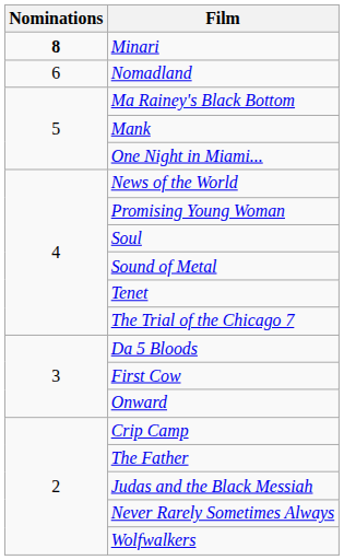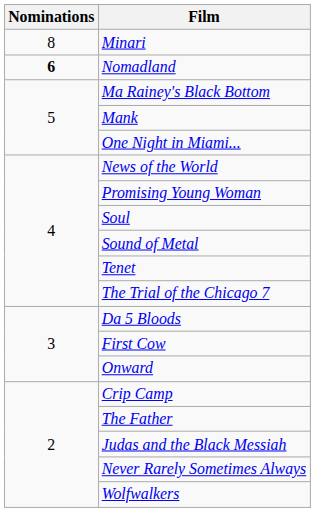 <table class="wikitable">
 <tr>
 <th>Nominations</th>
 <th>Film</th>
 </tr>
 <tr>
-<td style="text-align:center;"><strong>8</strong></td>
+<td style="text-align:center;">8</td>
 <td><em><a href='#'>Minari</a></em></td>
 </tr>
 <tr>
-<td style="text-align:center;">6</td>
+<td style="text-align:center;"><strong>6</strong></td>
 <td><em><a href='#'>Nomadland</a></em></td>
 </tr>
 <tr>
 <td rowspan="3" style="text-align:center;">5</td>
 <td><em><a href='#'>Ma Rainey's Black Bottom</a></em></td>
 </tr>
 <tr>
 <td><em><a href='#'>Mank</a></em></td>
 </tr>
 <tr>
 <td><em><a href='#'>One Night in Miami...</a></em></td>
 </tr>
 <tr>
 <td rowspan="6" style="text-align:center;">4</td>
 <td><em><a href='#'>News of the World</a></em></td>
 </tr>
 <tr>
 <td><em><a href='#'>Promising Young Woman</a></em></td>
 </tr>
 <tr>
 <td><em><a href='#'>Soul</a></em></td>
 </tr>
 <tr>
 <td><em><a href='#'>Sound of Metal</a></em></td>
 </tr>
 <tr>
 <td><em><a href='#'>Tenet</a></em></td>
 </tr>
 <tr>
 <td><em><a href='#'>The Trial of the Chicago 7</a></em></td>
 </tr>
 <tr>
 <td rowspan="3" style="text-align:center;">3</td>
 <td><em><a href='#'>Da 5 Bloods</a></em></td>
 </tr>
 <tr>
 <td><em><a href='#'>First Cow</a></em></td>
 </tr>
 <tr>
 <td><em><a href='#'>Onward</a></em></td>
 </tr>
 <tr>
 <td rowspan="5" style="text-align:center;">2</td>
 <td><em><a href='#'>Crip Camp</a></em></td>
 </tr>
 <tr>
 <td><em><a href='#'>The Father</a></em></td>
 </tr>
 <tr>
 <td><em><a href='#'>Judas and the Black Messiah</a></em></td>
 </tr>
 <tr>
 <td><em><a href='#'>Never Rarely Sometimes Always</a></em></td>
 </tr>
 <tr>
 <td><em><a href='#'>Wolfwalkers</a></em></td>
 </tr>
 </table>
